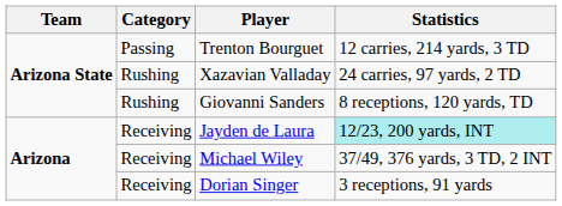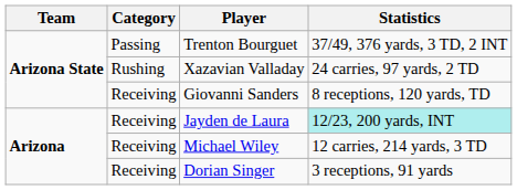 <table class="wikitable" style="float: right;">
 <tr>
 <th>Team</th>
 <th>Category</th>
 <th>Player</th>
 <th>Statistics</th>
 </tr>
 <tr>
 <td rowspan=3><strong>Arizona State</strong></td>
 <td>Passing</td>
 <td>Trenton Bourguet</td>
-<td>12 carries, 214 yards, 3 TD</td>
+<td>37/49, 376 yards, 3 TD, 2 INT</td>
 </tr>
 <tr>
 <td>Rushing</td>
 <td>Xazavian Valladay</td>
 <td>24 carries, 97 yards, 2 TD</td>
 </tr>
 <tr>
-<td>Rushing</td>
+<td>Receiving</td>
 <td>Giovanni Sanders</td>
 <td>8 receptions, 120 yards, TD</td>
 </tr>
 <tr>
 <td rowspan=3><strong>Arizona</strong></td>
 <td>Receiving</td>
 <td><a href='#'>Jayden de Laura</a></td>
 <td style="background: paleturquoise;">12/23, 200 yards, INT</td>
 </tr>
 <tr>
 <td>Receiving</td>
 <td><a href='#'>Michael Wiley</a></td>
-<td>37/49, 376 yards, 3 TD, 2 INT</td>
+<td>12 carries, 214 yards, 3 TD</td>
 </tr>
 <tr>
 <td>Receiving</td>
 <td><a href='#'>Dorian Singer</a></td>
 <td>3 receptions, 91 yards</td>
 </tr>
 </table>
